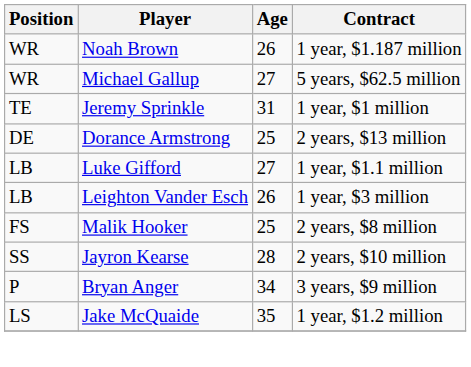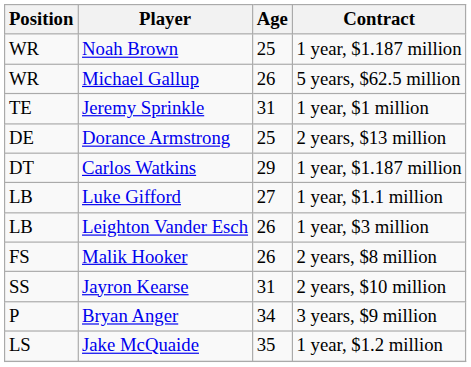 <table class="wikitable">
 <tr>
 <th>Position</th>
 <th>Player</th>
 <th>Age</th>
 <th>Contract</th>
 </tr>
 <tr>
 <td>WR</td>
 <td><a href='#'>Noah Brown</a></td>
-<td>26</td>
+<td>25</td>
 <td>1 year, $1.187 million</td>
 </tr>
 <tr>
 <td>WR</td>
 <td><a href='#'>Michael Gallup</a></td>
-<td>27</td>
+<td>26</td>
 <td>5 years, $62.5 million</td>
 </tr>
 <tr>
 <td>TE</td>
 <td><a href='#'>Jeremy Sprinkle</a></td>
 <td>31</td>
 <td>1 year, $1 million</td>
 </tr>
 <tr>
 <td>DE</td>
 <td><a href='#'>Dorance Armstrong</a></td>
 <td>25</td>
 <td>2 years, $13 million</td>
+</tr>
+<tr>
+<td>DT</td>
+<td><a href='#'>Carlos Watkins</a></td>
+<td>29</td>
+<td>1 year, $1.187 million</td>
 </tr>
 <tr>
 <td>LB</td>
 <td><a href='#'>Luke Gifford</a></td>
 <td>27</td>
 <td>1 year, $1.1 million</td>
 </tr>
 <tr>
 <td>LB</td>
 <td><a href='#'>Leighton Vander Esch</a></td>
 <td>26</td>
 <td>1 year, $3 million</td>
 </tr>
 <tr>
 <td>FS</td>
 <td><a href='#'>Malik Hooker</a></td>
-<td>25</td>
+<td>26</td>
 <td>2 years, $8 million</td>
 </tr>
 <tr>
 <td>SS</td>
 <td><a href='#'>Jayron Kearse</a></td>
-<td>28</td>
+<td>31</td>
 <td>2 years, $10 million</td>
 </tr>
 <tr>
 <td>P</td>
 <td><a href='#'>Bryan Anger</a></td>
 <td>34</td>
 <td>3 years, $9 million</td>
 </tr>
 <tr>
 <td>LS</td>
 <td><a href='#'>Jake McQuaide</a></td>
 <td>35</td>
 <td>1 year, $1.2 million</td>
 </tr>
 <tr>
 </tr>
 </table>
